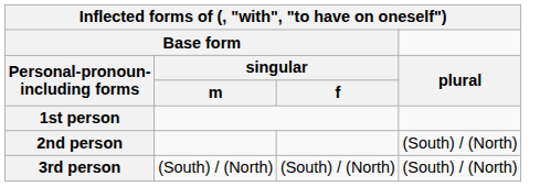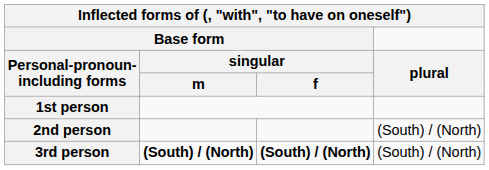 <table class="wikitable" style="text-align:center;">
 <tr>
 <th style="text-align: center;" colspan="6">Inflected forms of  (, "with", "to have on oneself")</th>
 </tr>
 <tr>
 <th colspan="5">Base form</th>
 <td> </td>
 </tr>
 <tr>
 <th rowspan="2" colspan="2">Personal-pronoun-<br>including forms</th>
 <th colspan="2">singular</th>
 <th rowspan="2" colspan="2">plural</th>
 </tr>
 <tr>
 <th>m</th>
 <th>f</th>
 </tr>
 <tr>
 <th colspan="2">1st person</th>
 <td colspan="2"> </td>
 <td colspan="2"> </td>
 </tr>
 <tr>
 <th colspan="2">2nd person</th>
 <td> </td>
 <td> </td>
 <td colspan="2">  (South) /   (North)</td>
 </tr>
 <tr>
 <th colspan="2">3rd person</th>
-<td>  (South) /   (North)</td>
-<td>  (South) /   (North)</td>
+<td><strong>  (South) /   (North)</strong></td>
+<td><strong>  (South) /   (North)</strong></td>
 <td colspan="2">  (South) /   (North)</td>
 </tr>
 </table>
